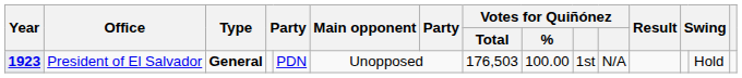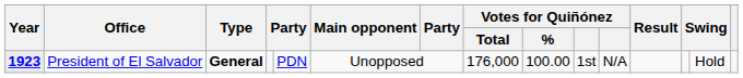 <table class="wikitable" style="font-size:90%; text-align:center;">
 <tr>
 <th rowspan="2">Year</th>
 <th rowspan="2">Office</th>
 <th rowspan="2">Type</th>
 <th colspan="2" rowspan="2">Party</th>
 <th rowspan="2">Main opponent</th>
 <th colspan="2" rowspan="2">Party</th>
 <th colspan="4">Votes for Quiñónez</th>
 <th rowspan="2">Result</th>
 <th colspan="2" rowspan="2">Swing</th>
 <th rowspan="2"></th>
 </tr>
 <tr>
 <th>Total</th>
 <th>%</th>
 <th></th>
 <th></th>
 </tr>
 <tr>
 <th style="background-color:#EAECF0;"><a href='#'>1923</a></th>
 <td><a href='#'>President of El Salvador</a></td>
 <td><strong>General</strong></td>
 <td style="background-color:"></td>
 <td><a href='#'>PDN</a></td>
 <td colspan="3">Unopposed</td>
-<td>176,503</td>
+<td>176,000</td>
 <td>100.00</td>
 <td>1st</td>
 <td>N/A</td>
 <td></td>
 <td style="background-color:"></td>
 <td>Hold</td>
 <td></td>
 </tr>
 </table>
